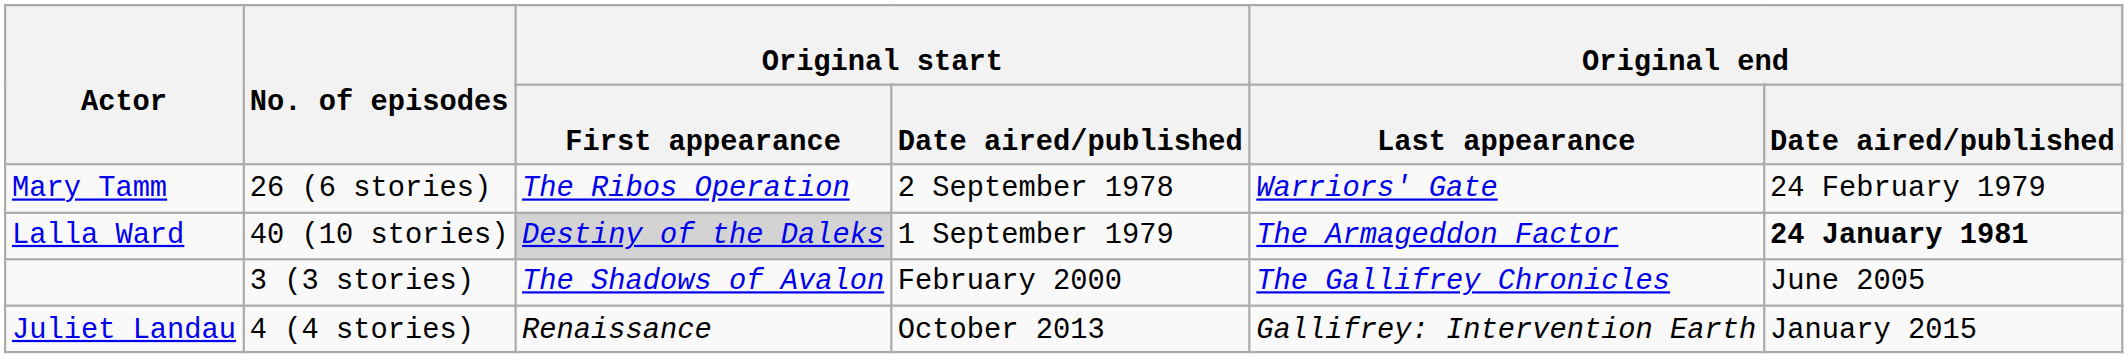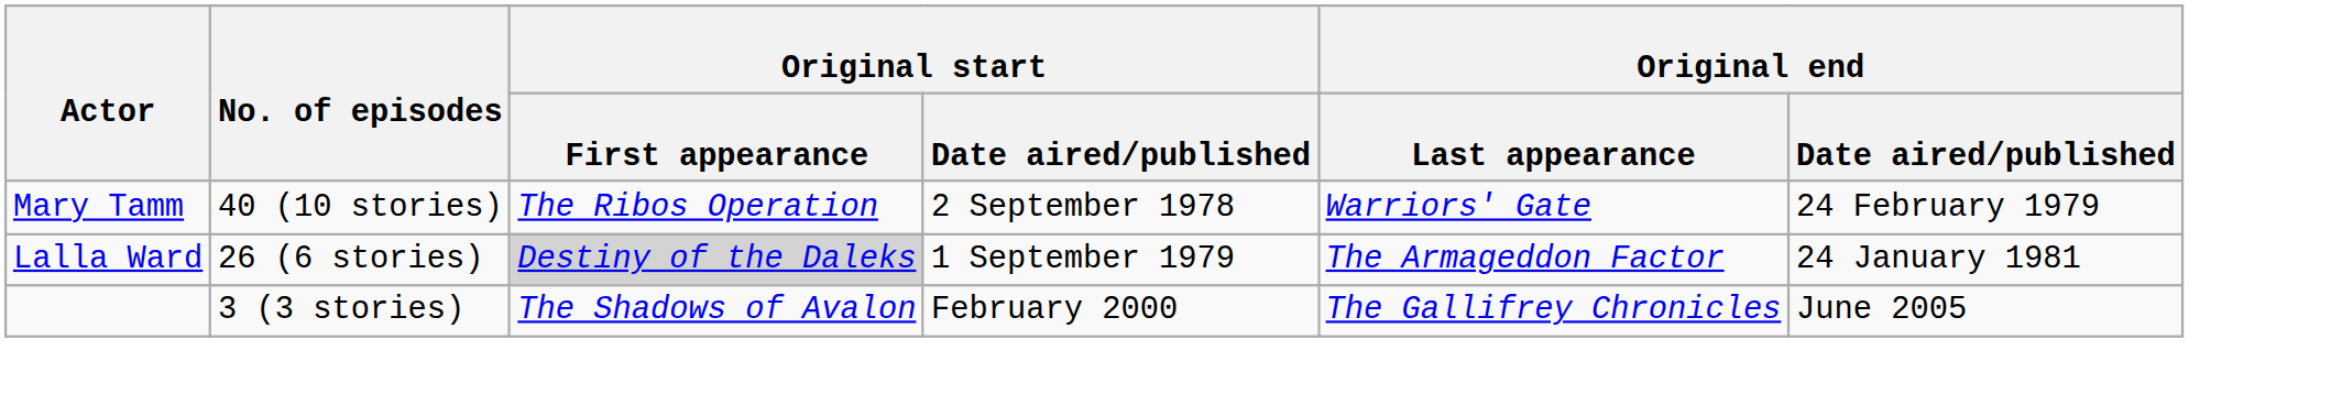 <table class="wikitable">
 <tr>
 <th rowspan="2"><br>Actor</th>
 <th rowspan="2"><br>No. of episodes</th>
 <th colspan="2"><br>Original start</th>
 <th colspan="2"><br>Original end</th>
 </tr>
 <tr>
 <th><br>First appearance</th>
 <th><br>Date aired/published</th>
 <th><br>Last appearance</th>
 <th><br>Date aired/published</th>
 </tr>
 <tr>
 <td><a href='#'>Mary Tamm</a></td>
-<td>26 (6 stories)</td>
+<td>40 (10 stories)</td>
 <td><em><a href='#'>The Ribos Operation</a></em></td>
 <td>2 September 1978</td>
 <td><em><a href='#'>Warriors' Gate</a></em></td>
 <td>24 February 1979</td>
 </tr>
 <tr>
 <td><a href='#'>Lalla Ward</a></td>
-<td>40 (10 stories)</td>
+<td>26 (6 stories)</td>
 <td style="background: lightgrey;"><em><a href='#'>Destiny of the Daleks</a></em></td>
 <td>1 September 1979</td>
 <td><em><a href='#'>The Armageddon Factor</a></em></td>
-<td><strong>24 January 1981</strong></td>
+<td>24 January 1981</td>
 </tr>
 <tr>
 <td> </td>
 <td>3 (3 stories)</td>
 <td><em><a href='#'>The Shadows of Avalon</a></em></td>
 <td>February 2000</td>
 <td><em><a href='#'>The Gallifrey Chronicles</a></em></td>
 <td>June 2005</td>
 </tr>
-<tr>
-<td><a href='#'>Juliet Landau</a></td>
-<td>4 (4 stories)</td>
-<td><em>Renaissance</em></td>
-<td>October 2013</td>
-<td><em>Gallifrey: Intervention Earth</em></td>
-<td>January 2015</td>
-</tr>
 </table>
